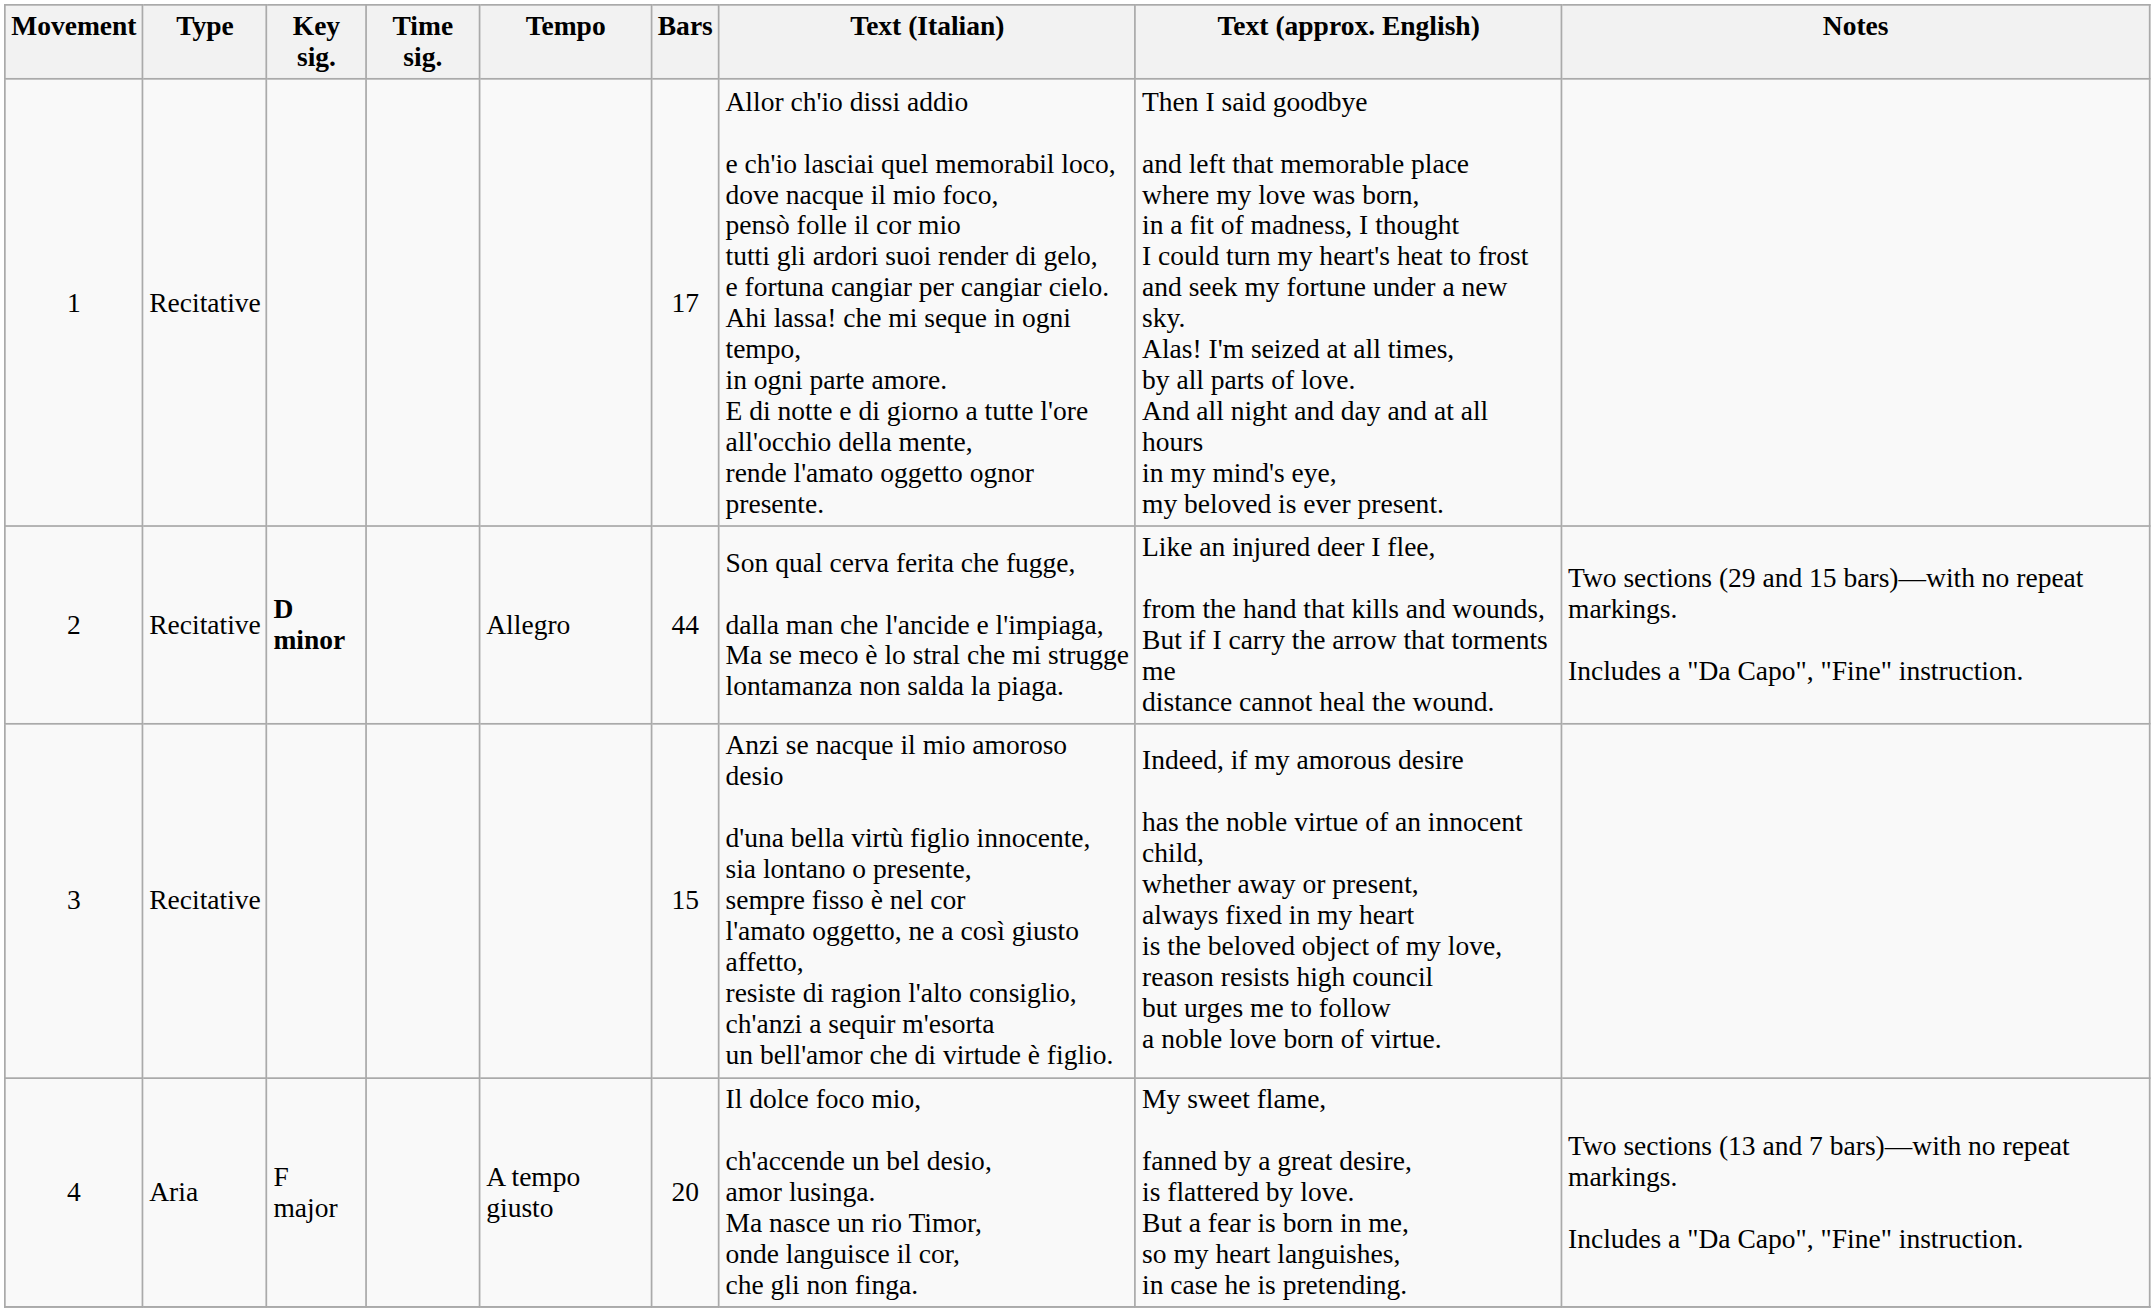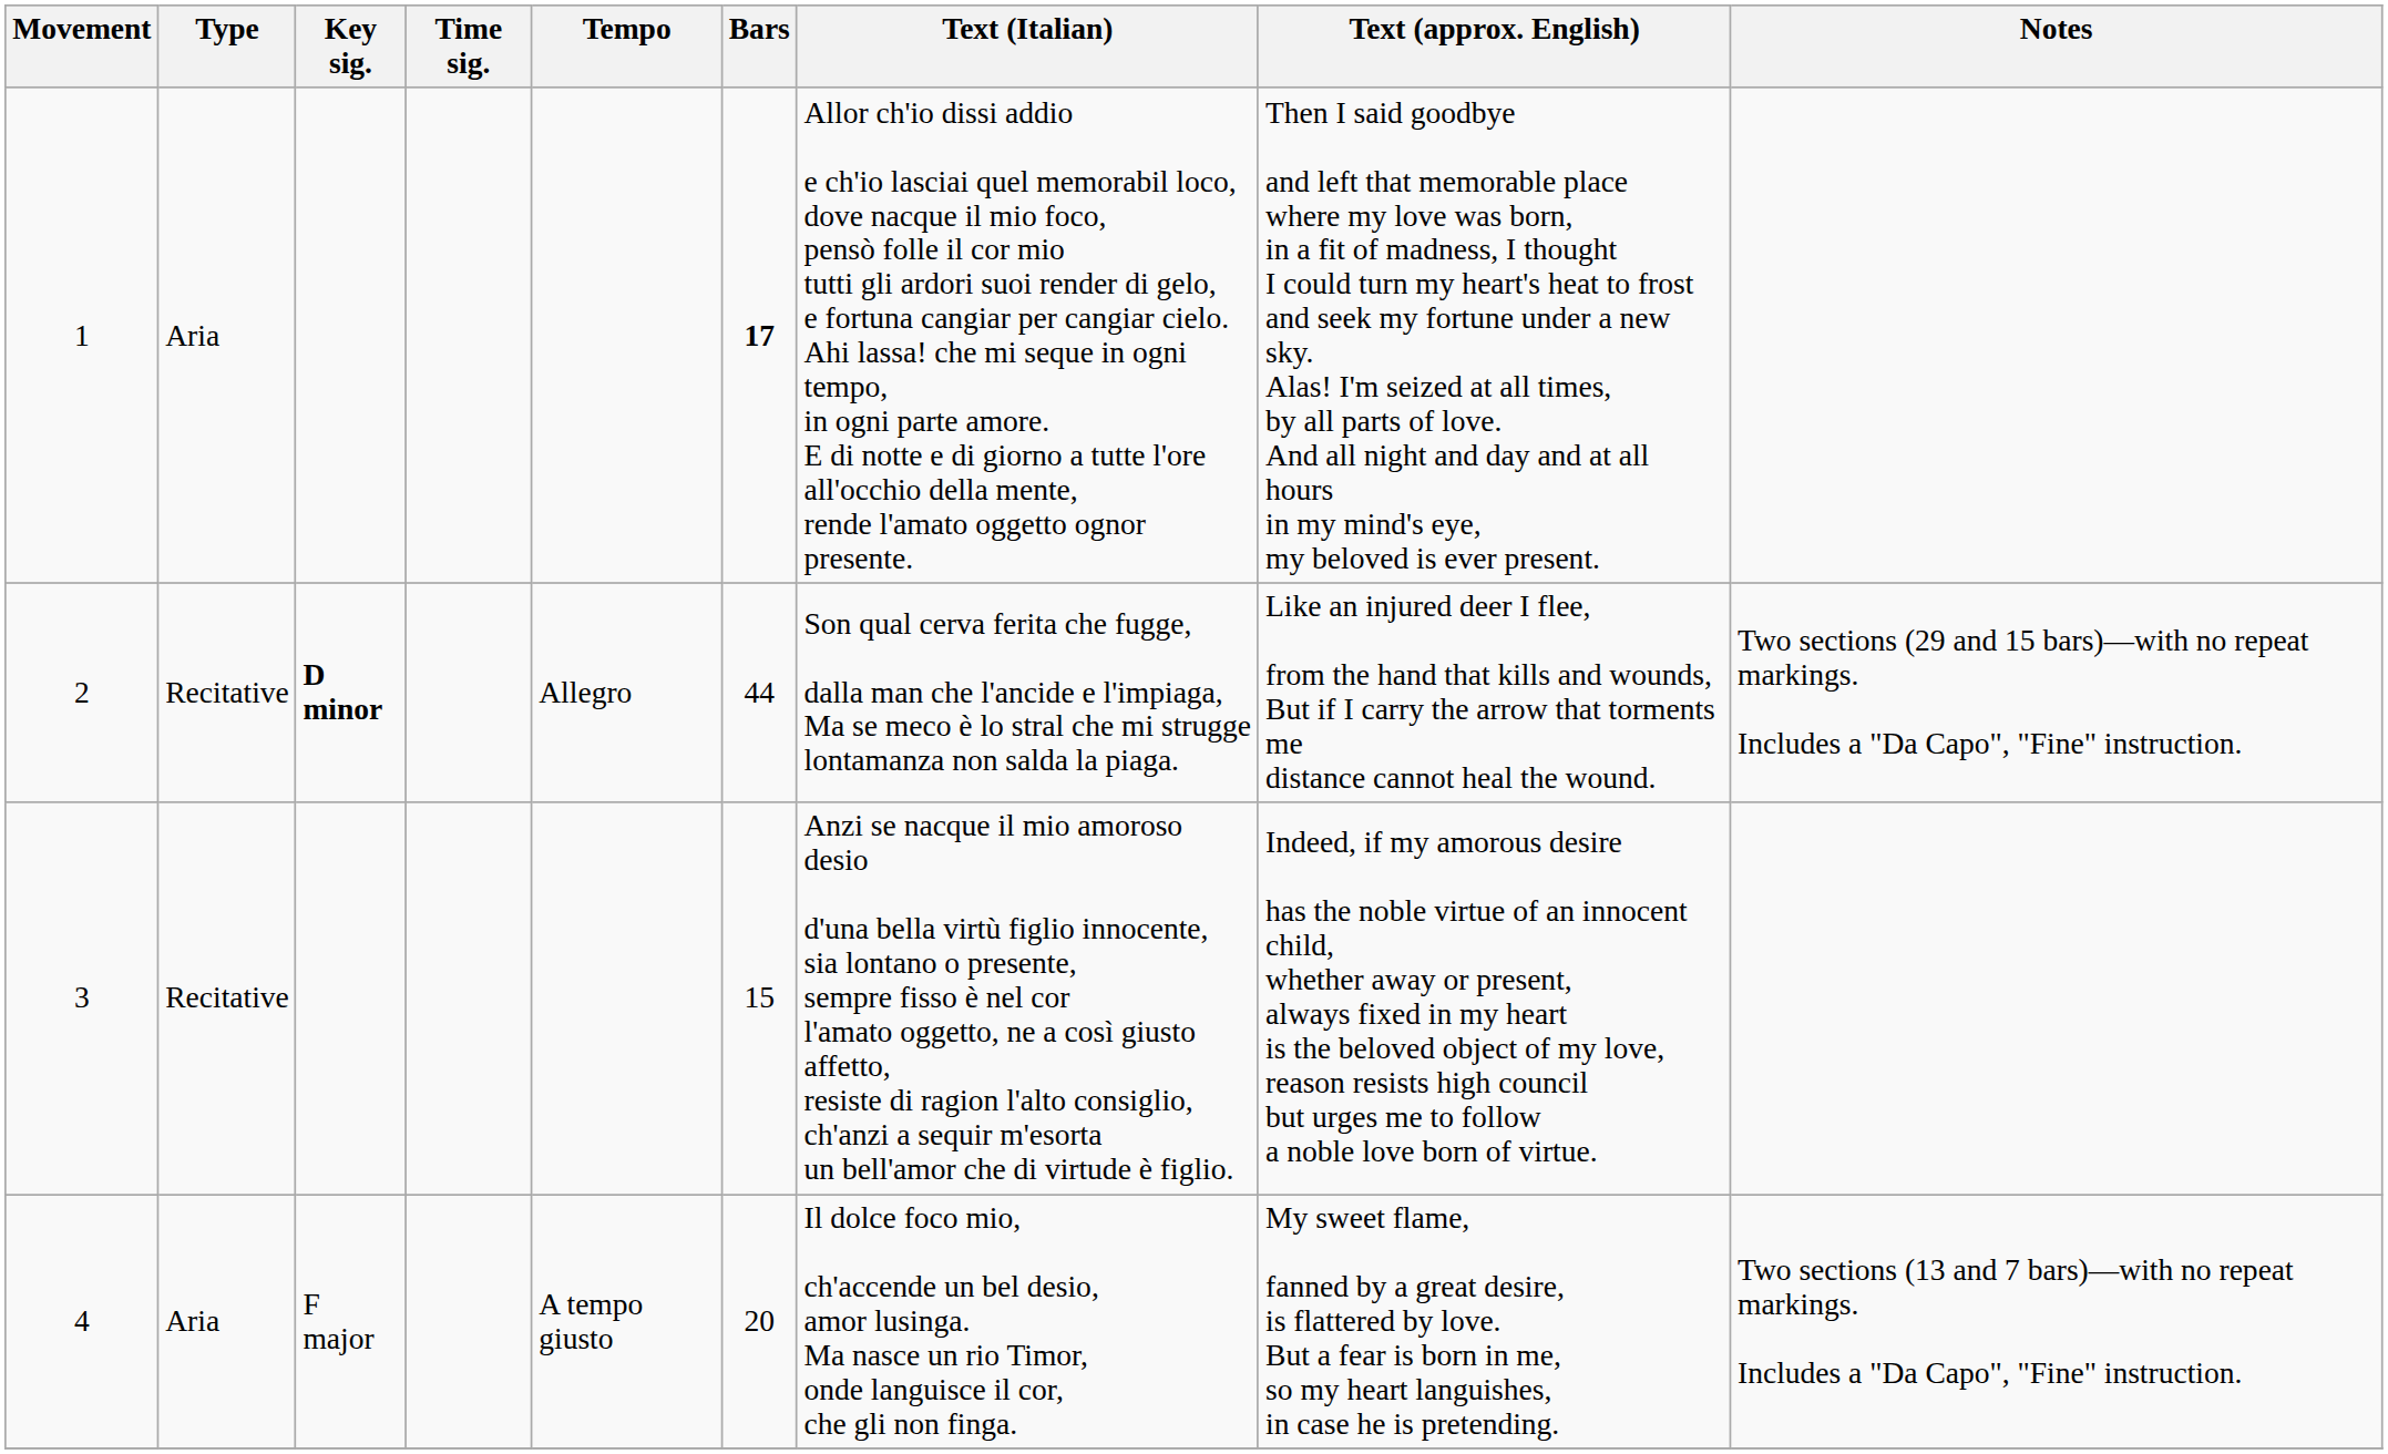 <table class="wikitable" border="1">
 <tr>
 <th bgcolor="ececec" valign="Top">Movement</th>
 <th bgcolor="ececec" valign="Top">Type</th>
 <th bgcolor="ececec" valign="Top" width="50px">Key sig.</th>
 <th bgcolor="ececec" valign="Top">Time sig.</th>
 <th bgcolor="ececec" valign="Top">Tempo</th>
 <th bgcolor="ececec" valign="Top">Bars</th>
 <th bgcolor="ececec" valign="Top">Text (Italian)</th>
 <th bgcolor="ececec" valign="Top">Text (approx. English)</th>
 <th bgcolor="ececec" valign="Top">Notes</th>
 </tr>
 <tr>
 <td align="center">1</td>
-<td>Recitative</td>
+<td>Aria</td>
 <td></td>
 <td align="center"></td>
 <td></td>
-<td align="center">17</td>
+<td align="center"><strong>17</strong></td>
 <td>Allor ch'io dissi addio<br><br>e ch'io lasciai quel memorabil loco,<br> dove nacque il mio foco,<br> pensò folle il cor mio<br> tutti gli ardori suoi render di gelo,<br> e fortuna cangiar per cangiar cielo.<br> Ahi lassa! che mi seque in ogni tempo,<br> in ogni parte amore.<br> E di notte e di giorno a tutte l'ore<br> all'occhio della mente,<br> rende l'amato oggetto ognor presente.</td>
 <td>Then I said goodbye<br><br>and left that memorable place<br> where my love was born,<br> in a fit of madness, I thought<br> I could turn my heart's heat to frost<br> and seek my fortune under a new sky.<br> Alas! I'm seized at all times,<br> by all parts of love.<br> And all night and day and at all hours<br> in my mind's eye,<br> my beloved is ever present.</td>
 <td></td>
 </tr>
 <tr>
 <td align="center">2</td>
 <td>Recitative</td>
 <td><strong>D minor</strong></td>
 <td align="center"></td>
 <td>Allegro</td>
 <td align="center">44</td>
 <td>Son qual cerva ferita che fugge,<br><br>dalla man che l'ancide e l'impiaga,<br> Ma se meco è lo stral che mi strugge<br> lontamanza non salda la piaga.</td>
 <td>Like an injured deer I flee,<br><br>from the hand that kills and wounds,<br> But if I carry the arrow that torments me<br> distance cannot heal the wound.</td>
 <td>Two sections (29 and 15 bars)—with no repeat markings.<br><br>Includes a "Da Capo", "Fine" instruction.</td>
 </tr>
 <tr>
 <td align="center">3</td>
 <td>Recitative</td>
 <td></td>
 <td align="center"></td>
 <td></td>
 <td align="center">15</td>
 <td>Anzi se nacque il mio amoroso desio<br><br>d'una bella virtù figlio innocente,<br> sia lontano o presente,<br> sempre fisso è nel cor<br> l'amato oggetto, ne a così giusto affetto,<br> resiste di ragion l'alto consiglio,<br> ch'anzi a sequir m'esorta<br> un bell'amor che di virtude è figlio.</td>
 <td>Indeed, if my amorous desire<br><br>has the noble virtue of an innocent child,<br> whether away or present,<br> always fixed in my heart <br> is the beloved object of my love,<br> reason resists high council<br> but urges me to follow<br> a noble love born of virtue.</td>
 <td></td>
 </tr>
 <tr>
 <td align="center">4</td>
 <td>Aria</td>
 <td>F major</td>
 <td align="center"></td>
 <td>A tempo giusto</td>
 <td align="center">20</td>
 <td>Il dolce foco mio,<br><br>ch'accende un bel desio,<br> amor lusinga.<br> Ma nasce un rio Timor,<br> onde languisce il cor,<br> che gli non finga.</td>
 <td>My sweet flame,<br><br>fanned by a great desire,<br> is flattered by love.<br> But a fear is born in me,<br> so my heart languishes,<br> in case he is pretending.</td>
 <td>Two sections (13 and 7 bars)—with no repeat markings.<br><br>Includes a "Da Capo", "Fine" instruction.</td>
 </tr>
 <tr>
 </tr>
 </table>
